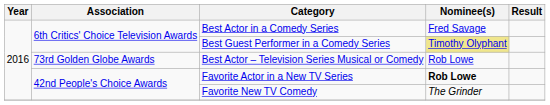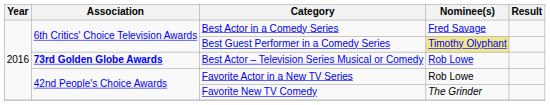 <table class="wikitable sortable">
 <tr>
 <th>Year</th>
 <th>Association</th>
 <th>Category</th>
 <th>Nominee(s)</th>
 <th>Result</th>
 </tr>
 <tr>
 <td rowspan="5">2016</td>
 <td rowspan="2"><a href='#'>6th Critics' Choice Television Awards</a></td>
 <td><a href='#'>Best Actor in a Comedy Series</a></td>
 <td><a href='#'>Fred Savage</a></td>
 <td></td>
 </tr>
 <tr>
 <td><a href='#'>Best Guest Performer in a Comedy Series</a></td>
 <td style="background: khaki;"><a href='#'>Timothy Olyphant</a></td>
 <td></td>
 </tr>
 <tr>
-<td><a href='#'>73rd Golden Globe Awards</a></td>
+<td><strong><a href='#'>73rd Golden Globe Awards</a></strong></td>
 <td><a href='#'>Best Actor – Television Series Musical or Comedy</a></td>
 <td><a href='#'>Rob Lowe</a></td>
 <td></td>
 </tr>
 <tr>
 <td rowspan="2"><a href='#'>42nd People's Choice Awards</a></td>
 <td><a href='#'>Favorite Actor in a New TV Series</a></td>
-<td><strong>Rob Lowe</strong></td>
+<td>Rob Lowe</td>
 <td></td>
 </tr>
 <tr>
 <td><a href='#'>Favorite New TV Comedy</a></td>
 <td><em>The Grinder</em></td>
 <td></td>
 </tr>
 <tr>
 </tr>
 </table>
